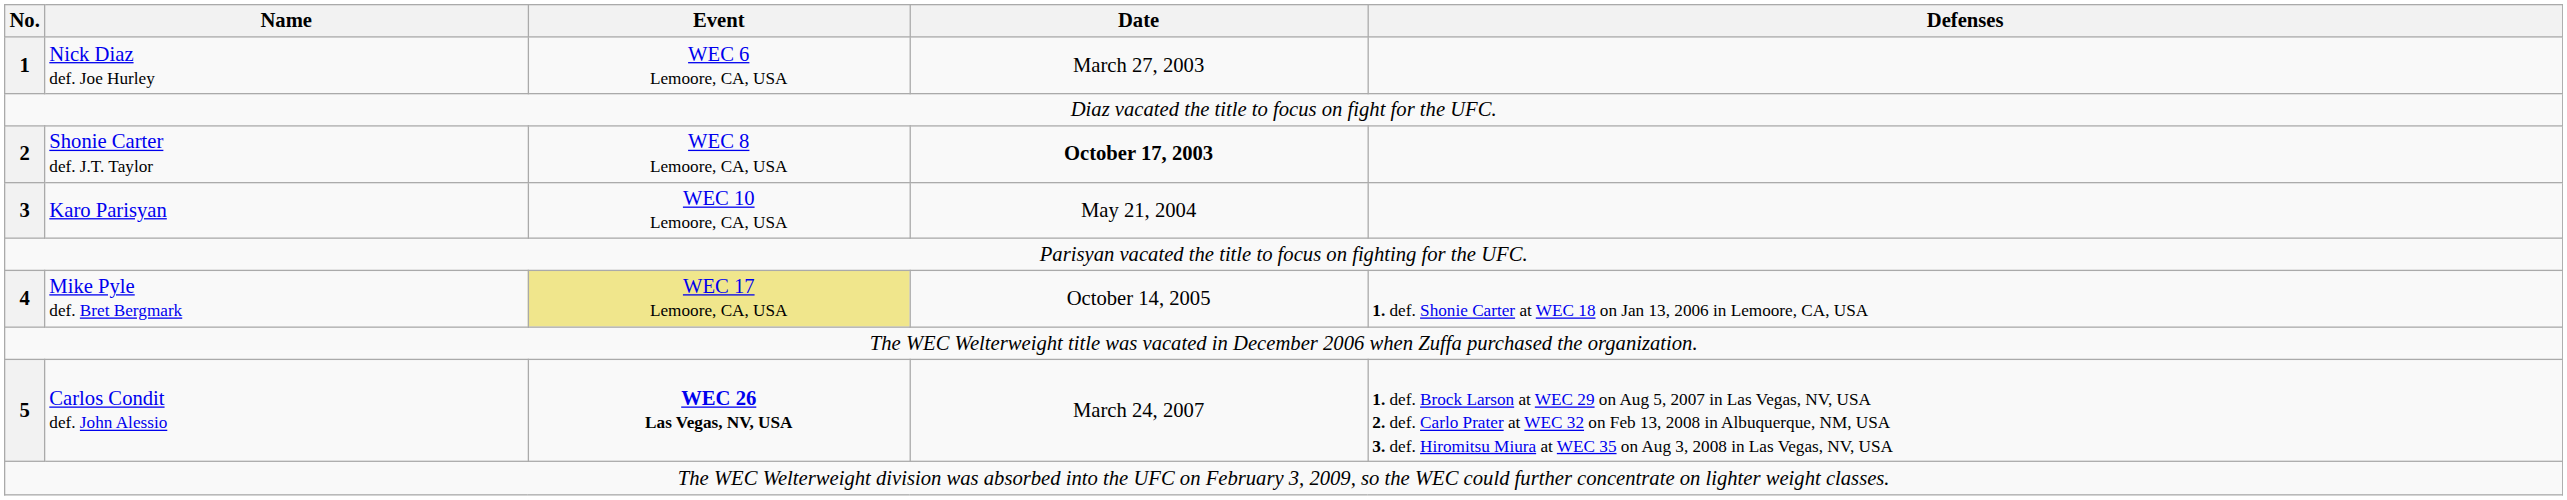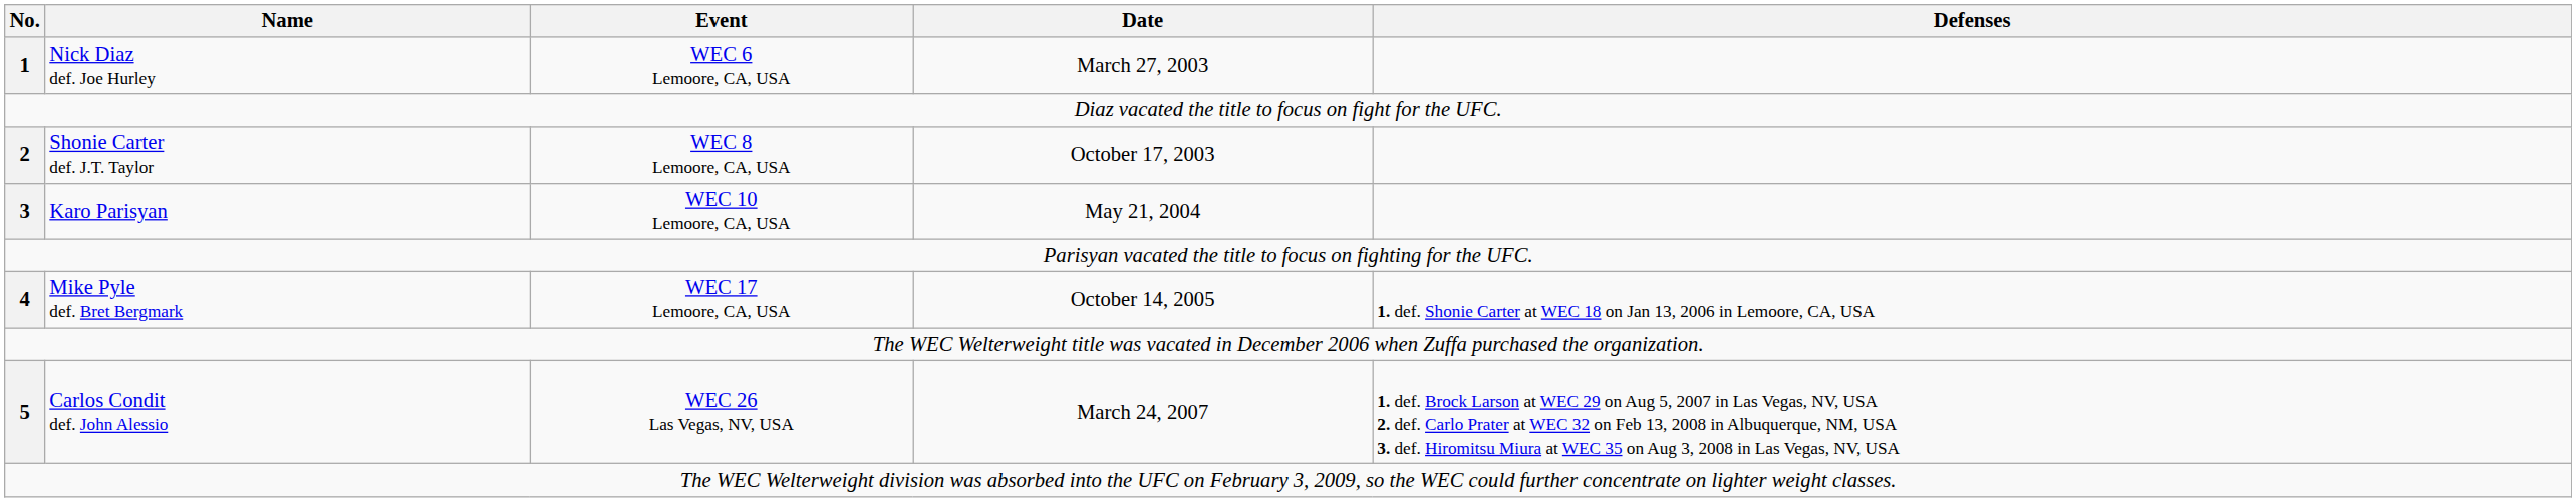 <table class="wikitable" width=100%>
 <tr>
 <th width=1%>No.</th>
 <th width=19%>Name</th>
 <th width=15%>Event</th>
 <th width=18%>Date</th>
 <th width=47%>Defenses</th>
 </tr>
 <tr>
 <th>1</th>
 <td align=left> <a href='#'>Nick Diaz</a><br><small>def. Joe Hurley</small></td>
 <td align=center><a href='#'>WEC 6</a> <br><small>Lemoore, CA, USA</small></td>
 <td align=center>March 27, 2003</td>
 <td></td>
 </tr>
 <tr>
 <td align="center" colspan="5"><em>Diaz vacated the title to focus on fight for the UFC.</em></td>
 </tr>
 <tr>
 <th>2</th>
 <td align=left> <a href='#'>Shonie Carter</a><br><small>def. J.T. Taylor</small></td>
 <td align=center><a href='#'>WEC 8</a> <br><small>Lemoore, CA, USA</small></td>
-<td align=center><strong>October 17, 2003</strong></td>
+<td align=center>October 17, 2003</td>
 <td></td>
 </tr>
 <tr>
 <th>3</th>
 <td align=left> <a href='#'>Karo Parisyan</a></td>
 <td align=center><a href='#'>WEC 10</a> <br><small>Lemoore, CA, USA</small></td>
 <td align=center>May 21, 2004</td>
 <td></td>
 </tr>
 <tr>
 <td align="center" colspan="5"><em>Parisyan vacated the title to focus on fighting for the UFC.</em></td>
 </tr>
 <tr>
 <th>4</th>
 <td align=left> <a href='#'>Mike Pyle</a><br><small>def. <a href='#'>Bret Bergmark</a></small></td>
-<td align=center style="background: khaki;"><a href='#'>WEC 17</a> <br><small>Lemoore, CA, USA</small></td>
+<td align=center><a href='#'>WEC 17</a> <br><small>Lemoore, CA, USA</small></td>
 <td align=center>October 14, 2005</td>
 <td><br><small><strong>1.</strong> def. <a href='#'>Shonie Carter</a> at <a href='#'>WEC 18</a> on Jan 13, 2006 in Lemoore, CA, USA</small></td>
 </tr>
 <tr>
 <td align="center" colspan="5"><em>The WEC Welterweight title was vacated in December 2006 when Zuffa purchased the organization.</em></td>
 </tr>
 <tr>
 <th>5</th>
 <td align=left> <a href='#'>Carlos Condit</a><br><small>def. <a href='#'>John Alessio</a></small></td>
-<td align=center><strong><a href='#'>WEC 26</a> <br><small>Las Vegas, NV, USA</small></strong></td>
+<td align=center><a href='#'>WEC 26</a> <br><small>Las Vegas, NV, USA</small></td>
 <td align=center>March 24, 2007</td>
 <td><br><small><strong>1.</strong> def. <a href='#'>Brock Larson</a> at <a href='#'>WEC 29</a> on Aug 5, 2007 in Las Vegas, NV, USA<br> <strong>2.</strong> def. <a href='#'>Carlo Prater</a> at <a href='#'>WEC 32</a> on Feb 13, 2008 in Albuquerque, NM, USA<br> <strong>3.</strong> def. <a href='#'>Hiromitsu Miura</a> at <a href='#'>WEC 35</a> on Aug 3, 2008 in Las Vegas, NV, USA</small></td>
 </tr>
 <tr>
 <td align="center" colspan="5"><em>The WEC Welterweight division was absorbed into the UFC on February 3, 2009, so the WEC could further concentrate on lighter weight classes.</em></td>
 </tr>
 </table>
